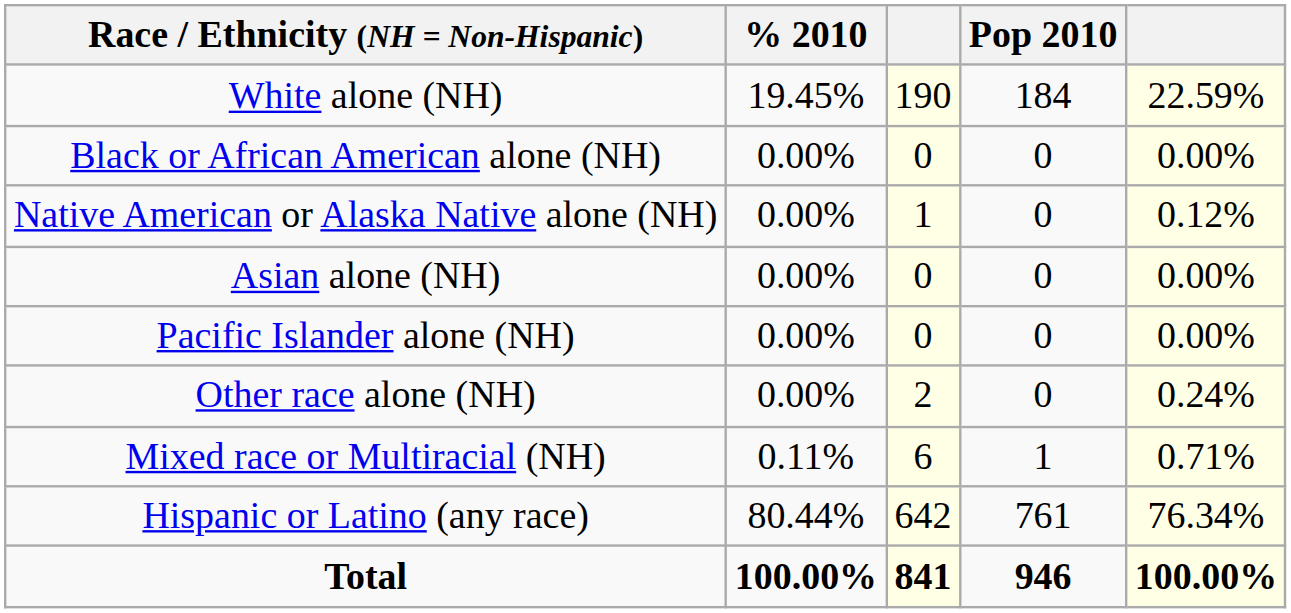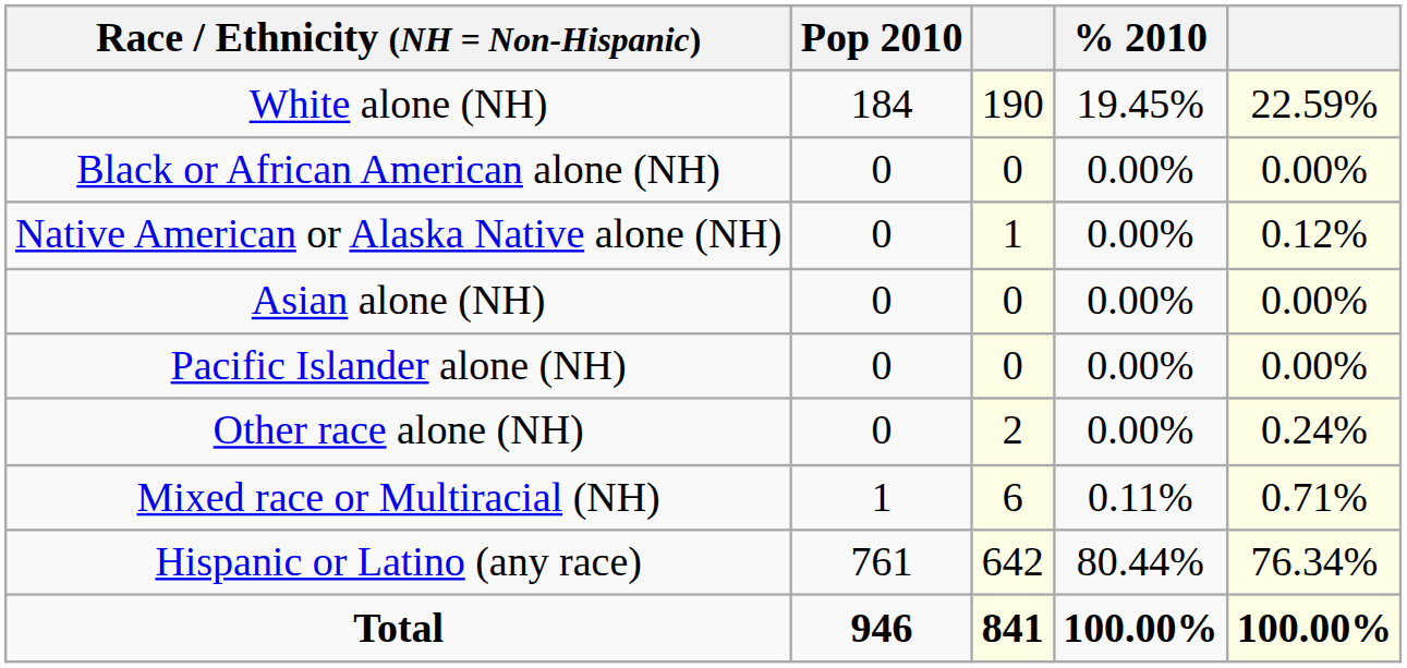 <table class="wikitable" style="text-align:center;">
 <tr>
 <th>Race / Ethnicity <small>(<em>NH = Non-Hispanic</em>)</small></th>
+<th>Pop 2010</th>
+<th></th>
 <th>% 2010</th>
-<th></th>
-<th>Pop 2010</th>
 <th></th>
 </tr>
 <tr>
 <td><a href='#'>White</a> alone (NH)</td>
+<td>184</td>
+<td style='background: #ffffe6;'>190</td>
 <td>19.45%</td>
-<td style='background: #ffffe6;'>190</td>
-<td>184</td>
 <td style='background: #ffffe6;'>22.59%</td>
 </tr>
 <tr>
 <td><a href='#'>Black or African American</a> alone (NH)</td>
+<td>0</td>
+<td style='background: #ffffe6;'>0</td>
 <td>0.00%</td>
-<td style='background: #ffffe6;'>0</td>
-<td>0</td>
 <td style='background: #ffffe6;'>0.00%</td>
 </tr>
 <tr>
 <td><a href='#'>Native American</a> or <a href='#'>Alaska Native</a> alone (NH)</td>
+<td>0</td>
+<td style='background: #ffffe6;'>1</td>
 <td>0.00%</td>
-<td style='background: #ffffe6;'>1</td>
-<td>0</td>
 <td style='background: #ffffe6;'>0.12%</td>
 </tr>
 <tr>
 <td><a href='#'>Asian</a> alone (NH)</td>
+<td>0</td>
+<td style='background: #ffffe6;'>0</td>
 <td>0.00%</td>
-<td style='background: #ffffe6;'>0</td>
-<td>0</td>
 <td style='background: #ffffe6;'>0.00%</td>
 </tr>
 <tr>
 <td><a href='#'>Pacific Islander</a> alone (NH)</td>
+<td>0</td>
+<td style='background: #ffffe6;'>0</td>
 <td>0.00%</td>
-<td style='background: #ffffe6;'>0</td>
-<td>0</td>
 <td style='background: #ffffe6;'>0.00%</td>
 </tr>
 <tr>
 <td><a href='#'>Other race</a> alone (NH)</td>
+<td>0</td>
+<td style='background: #ffffe6;'>2</td>
 <td>0.00%</td>
-<td style='background: #ffffe6;'>2</td>
-<td>0</td>
 <td style='background: #ffffe6;'>0.24%</td>
 </tr>
 <tr>
 <td><a href='#'>Mixed race or Multiracial</a> (NH)</td>
+<td>1</td>
+<td style='background: #ffffe6;'>6</td>
 <td>0.11%</td>
-<td style='background: #ffffe6;'>6</td>
-<td>1</td>
 <td style='background: #ffffe6;'>0.71%</td>
 </tr>
 <tr>
 <td><a href='#'>Hispanic or Latino</a> (any race)</td>
+<td>761</td>
+<td style='background: #ffffe6;'>642</td>
 <td>80.44%</td>
-<td style='background: #ffffe6;'>642</td>
-<td>761</td>
 <td style='background: #ffffe6;'>76.34%</td>
 </tr>
 <tr>
 <td><strong>Total</strong></td>
+<td><strong>946</strong></td>
+<td style='background: #ffffe6;'><strong>841</strong></td>
 <td><strong>100.00%</strong></td>
-<td style='background: #ffffe6;'><strong>841</strong></td>
-<td><strong>946</strong></td>
 <td style='background: #ffffe6;'><strong>100.00%</strong></td>
 </tr>
 </table>
